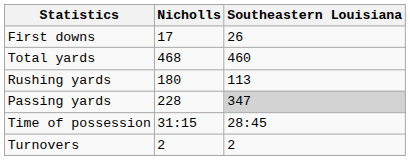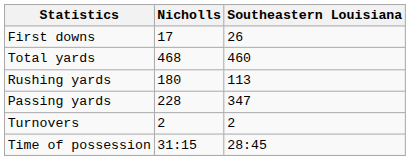 <table class="wikitable">
 <tr>
 <th>Statistics</th>
 <th>Nicholls</th>
 <th>Southeastern Louisiana</th>
 </tr>
 <tr>
 <td>First downs</td>
 <td>17</td>
 <td>26</td>
 </tr>
 <tr>
 <td>Total yards</td>
 <td>468</td>
 <td>460</td>
 </tr>
 <tr>
 <td>Rushing yards</td>
 <td>180</td>
 <td>113</td>
 </tr>
 <tr>
 <td>Passing yards</td>
 <td>228</td>
-<td style="background: lightgrey;">347</td>
+<td>347</td>
+</tr>
+<tr>
+<td>Turnovers</td>
+<td>2</td>
+<td>2</td>
 </tr>
 <tr>
 <td>Time of possession</td>
 <td>31:15</td>
 <td>28:45</td>
 </tr>
 <tr>
-<td>Turnovers</td>
-<td>2</td>
-<td>2</td>
-</tr>
-<tr>
 </tr>
 </table>
